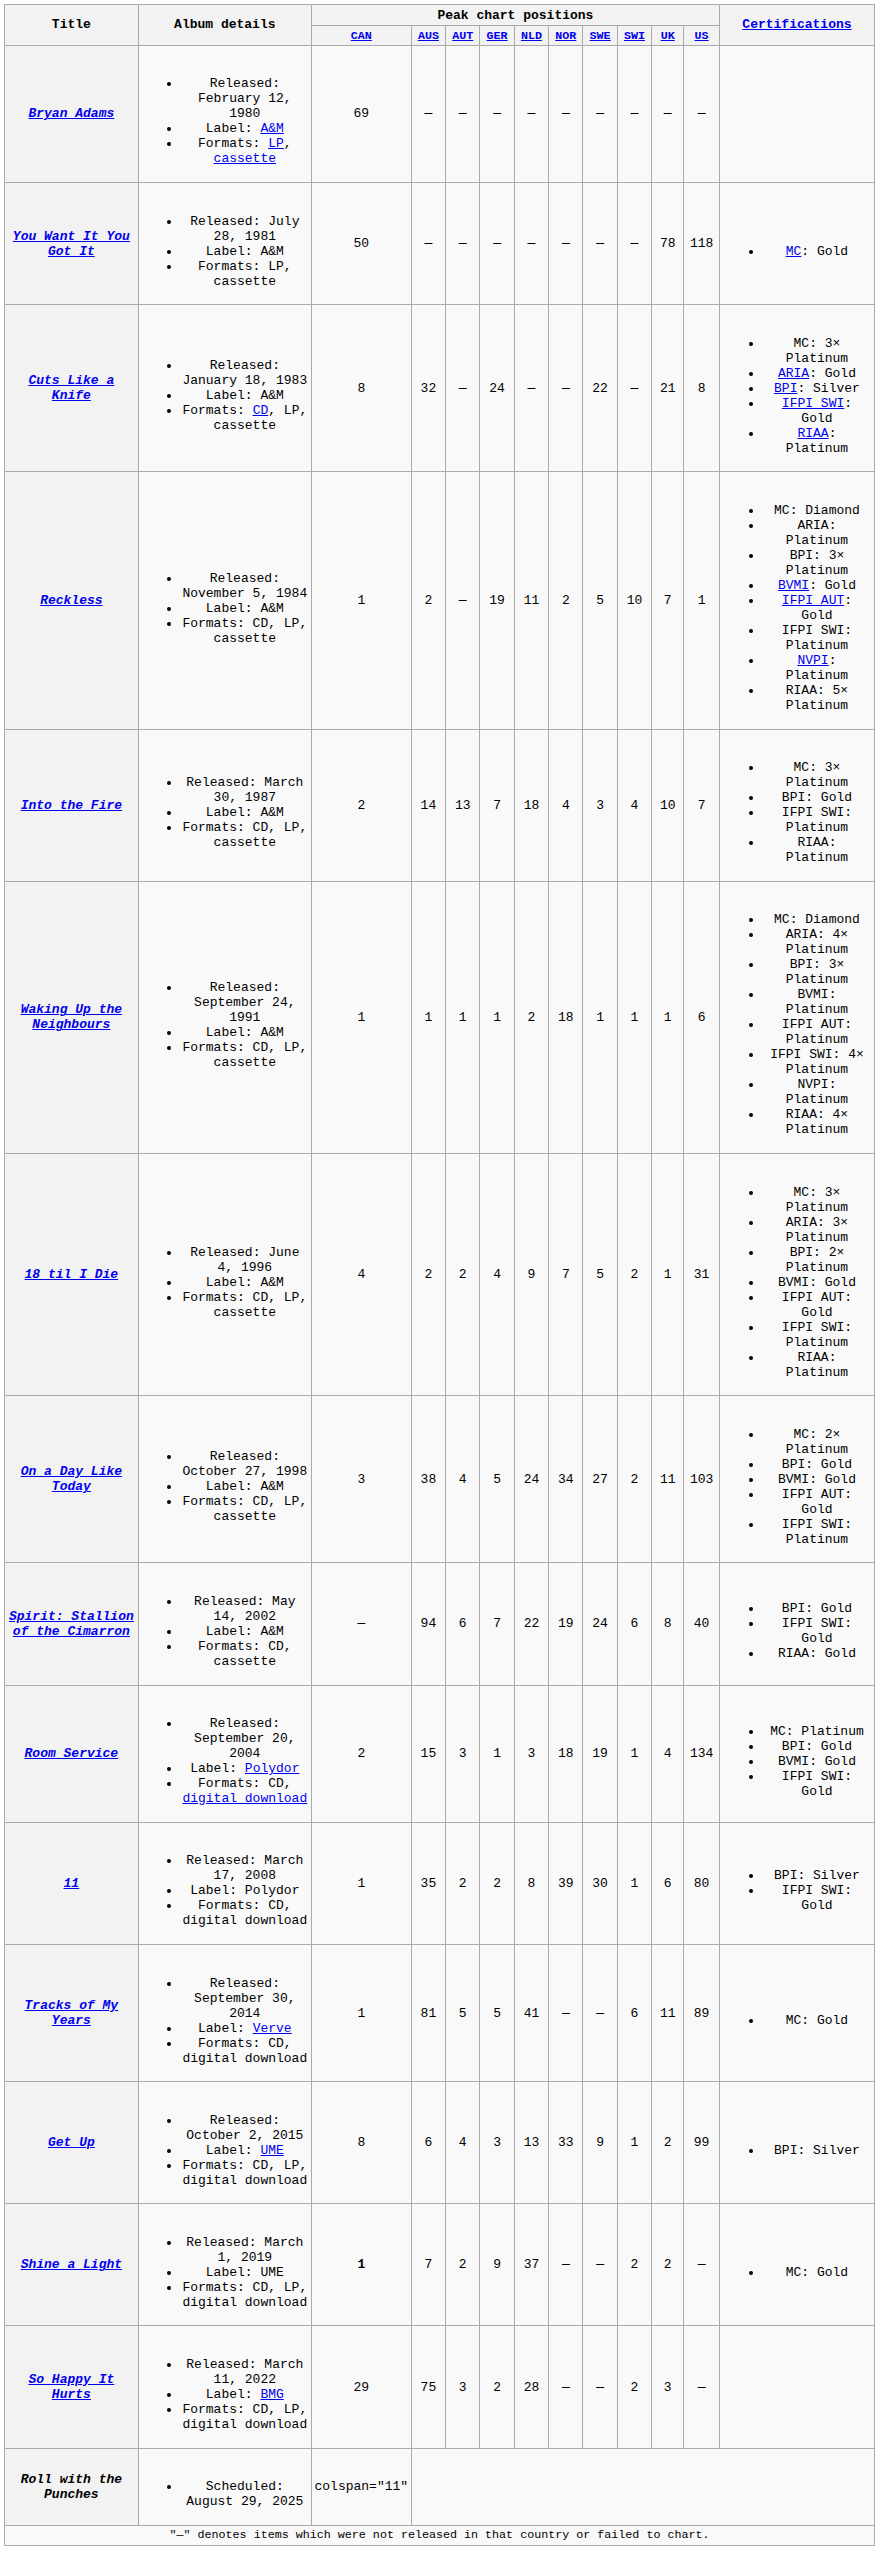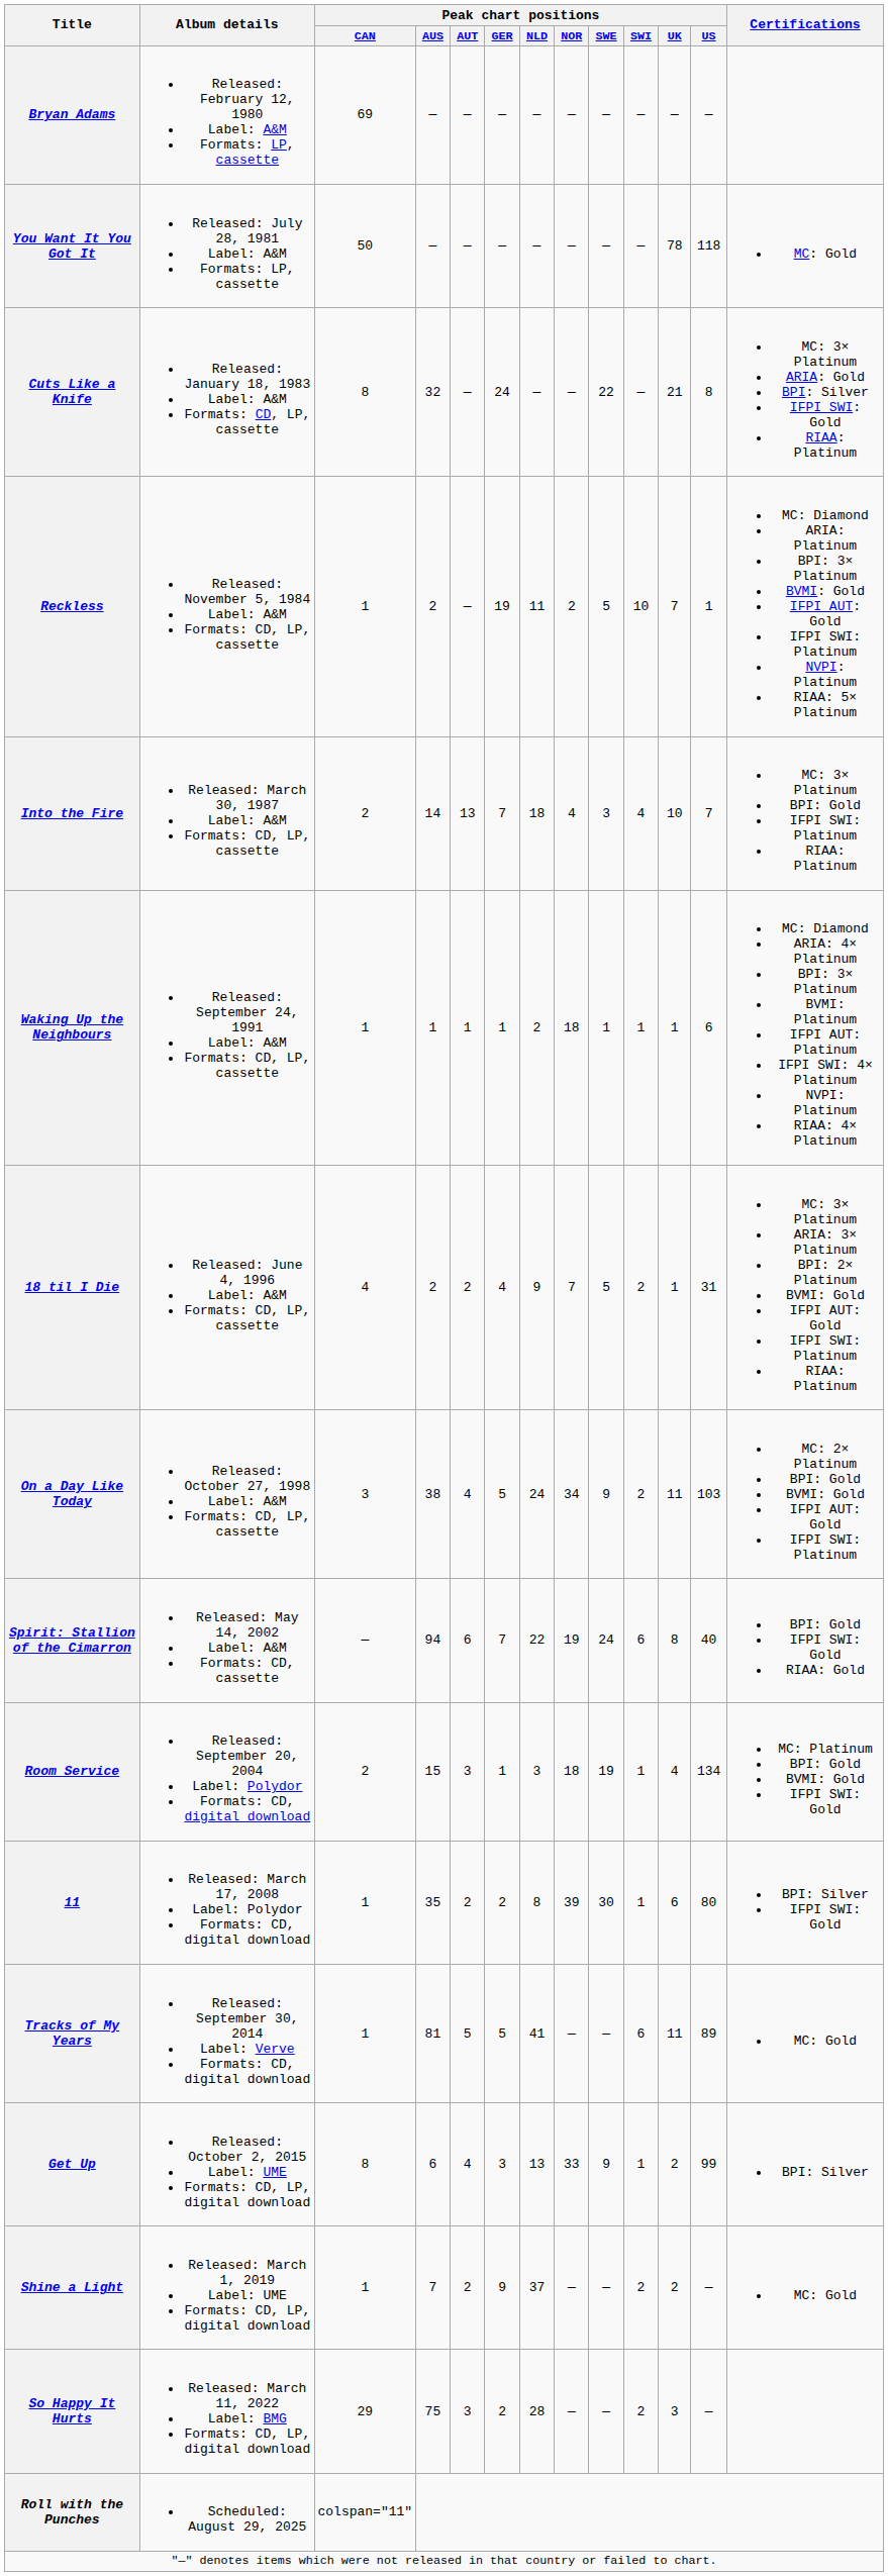 <table class="wikitable plainrowheaders" style="text-align:center;" border="1">
 <tr>
 <th scope="col" rowspan="2" style="width:13em;">Title</th>
 <th scope="col" rowspan="2" style="width:16em;">Album details</th>
 <th scope="col" colspan="10">Peak chart positions</th>
 <th scope="col" rowspan="2" style="width:14em;"><a href='#'>Certifications</a></th>
 </tr>
 <tr>
 <th scope="col" style="width:3em;font-size:90%;"><a href='#'>CAN</a><br></th>
 <th scope="col" style="width:3em;font-size:90%;"><a href='#'>AUS</a><br></th>
 <th scope="col" style="width:3em;font-size:90%;"><a href='#'>AUT</a><br></th>
 <th scope="col" style="width:3em;font-size:90%;"><a href='#'>GER</a><br></th>
 <th scope="col" style="width:3em;font-size:90%;"><a href='#'>NLD</a><br></th>
 <th scope="col" style="width:3em;font-size:90%;"><a href='#'>NOR</a><br></th>
 <th scope="col" style="width:3em;font-size:90%;"><a href='#'>SWE</a><br></th>
 <th scope="col" style="width:3em;font-size:90%;"><a href='#'>SWI</a><br></th>
 <th scope="col" style="width:3em;font-size:90%;"><a href='#'>UK</a><br></th>
 <th scope="col" style="width:3em;font-size:90%;"><a href='#'>US</a><br></th>
 </tr>
 <tr>
 <th scope="row"><em><a href='#'>Bryan Adams</a></em></th>
 <td><br><ul><li>Released: February 12, 1980</li><li>Label: <a href='#'>A&M</a></li><li>Formats: <a href='#'>LP</a>, <a href='#'>cassette</a></li></ul></td>
 <td>69</td>
 <td>—</td>
 <td>—</td>
 <td>—</td>
 <td>—</td>
 <td>—</td>
 <td>—</td>
 <td>—</td>
 <td>—</td>
 <td>—</td>
 <td></td>
 </tr>
 <tr>
 <th scope="row"><em><a href='#'>You Want It You Got It</a></em></th>
 <td><br><ul><li>Released: July 28, 1981</li><li>Label: A&M</li><li>Formats: LP, cassette</li></ul></td>
 <td>50</td>
 <td>—</td>
 <td>—</td>
 <td>—</td>
 <td>—</td>
 <td>—</td>
 <td>—</td>
 <td>—</td>
 <td>78</td>
 <td>118</td>
 <td><br><ul><li><a href='#'>MC</a>: Gold</li></ul></td>
 </tr>
 <tr>
 <th scope="row"><em><a href='#'>Cuts Like a Knife</a></em></th>
 <td><br><ul><li>Released: January 18, 1983</li><li>Label: A&M</li><li>Formats: <a href='#'>CD</a>, LP, cassette</li></ul></td>
 <td>8</td>
 <td>32</td>
 <td>—</td>
 <td>24</td>
 <td>—</td>
 <td>—</td>
 <td>22</td>
 <td>—</td>
 <td>21</td>
 <td>8</td>
 <td><br><ul><li>MC: 3× Platinum</li><li><a href='#'>ARIA</a>: Gold</li><li><a href='#'>BPI</a>: Silver</li><li><a href='#'>IFPI SWI</a>: Gold</li><li><a href='#'>RIAA</a>: Platinum</li></ul></td>
 </tr>
 <tr>
 <th scope="row"><em><a href='#'>Reckless</a></em></th>
 <td><br><ul><li>Released: November 5, 1984</li><li>Label: A&M</li><li>Formats: CD, LP, cassette</li></ul></td>
 <td>1</td>
 <td>2</td>
 <td>—</td>
 <td>19</td>
 <td>11</td>
 <td>2</td>
 <td>5</td>
 <td>10</td>
 <td>7</td>
 <td>1</td>
 <td><br><ul><li>MC: Diamond</li><li>ARIA: Platinum</li><li>BPI: 3× Platinum</li><li><a href='#'>BVMI</a>: Gold</li><li><a href='#'>IFPI AUT</a>: Gold</li><li>IFPI SWI: Platinum</li><li><a href='#'>NVPI</a>: Platinum</li><li>RIAA: 5× Platinum</li></ul></td>
 </tr>
 <tr>
 <th scope="row"><em><a href='#'>Into the Fire</a></em></th>
 <td><br><ul><li>Released: March 30, 1987</li><li>Label: A&M</li><li>Formats: CD, LP, cassette</li></ul></td>
 <td>2</td>
 <td>14</td>
 <td>13</td>
 <td>7</td>
 <td>18</td>
 <td>4</td>
 <td>3</td>
 <td>4</td>
 <td>10</td>
 <td>7</td>
 <td><br><ul><li>MC: 3× Platinum</li><li>BPI: Gold</li><li>IFPI SWI: Platinum</li><li>RIAA: Platinum</li></ul></td>
 </tr>
 <tr>
 <th scope="row"><em><a href='#'>Waking Up the Neighbours</a></em></th>
 <td><br><ul><li>Released: September 24, 1991</li><li>Label: A&M</li><li>Formats: CD, LP, cassette</li></ul></td>
 <td>1</td>
 <td>1</td>
 <td>1</td>
 <td>1</td>
 <td>2</td>
 <td>18</td>
 <td>1</td>
 <td>1</td>
 <td>1</td>
 <td>6</td>
 <td><br><ul><li>MC: Diamond</li><li>ARIA: 4× Platinum</li><li>BPI: 3× Platinum</li><li>BVMI: Platinum</li><li>IFPI AUT: Platinum</li><li>IFPI SWI: 4× Platinum</li><li>NVPI: Platinum</li><li>RIAA: 4× Platinum</li></ul></td>
 </tr>
 <tr>
 <th scope="row"><em><a href='#'>18 til I Die</a></em></th>
 <td><br><ul><li>Released: June 4, 1996</li><li>Label: A&M</li><li>Formats: CD, LP, cassette</li></ul></td>
 <td>4</td>
 <td>2</td>
 <td>2</td>
 <td>4</td>
 <td>9</td>
 <td>7</td>
 <td>5</td>
 <td>2</td>
 <td>1</td>
 <td>31</td>
 <td><br><ul><li>MC: 3× Platinum</li><li>ARIA: 3× Platinum</li><li>BPI: 2× Platinum</li><li>BVMI: Gold</li><li>IFPI AUT: Gold</li><li>IFPI SWI: Platinum</li><li>RIAA: Platinum</li></ul></td>
 </tr>
 <tr>
 <th scope="row"><em><a href='#'>On a Day Like Today</a></em></th>
 <td><br><ul><li>Released: October 27, 1998</li><li>Label: A&M</li><li>Formats: CD, LP, cassette</li></ul></td>
 <td>3</td>
 <td>38</td>
 <td>4</td>
 <td>5</td>
 <td>24</td>
 <td>34</td>
-<td>27</td>
+<td>9</td>
 <td>2</td>
 <td>11</td>
 <td>103</td>
 <td><br><ul><li>MC: 2× Platinum</li><li>BPI: Gold</li><li>BVMI: Gold</li><li>IFPI AUT: Gold</li><li>IFPI SWI: Platinum</li></ul></td>
 </tr>
 <tr>
 <th scope="row"><em><a href='#'>Spirit: Stallion of the Cimarron</a></em><br></th>
 <td><br><ul><li>Released: May 14, 2002</li><li>Label: A&M</li><li>Formats: CD, cassette</li></ul></td>
 <td>—</td>
 <td>94</td>
 <td>6</td>
 <td>7</td>
 <td>22</td>
 <td>19</td>
 <td>24</td>
 <td>6</td>
 <td>8</td>
 <td>40</td>
 <td><br><ul><li>BPI: Gold</li><li>IFPI SWI: Gold</li><li>RIAA: Gold</li></ul></td>
 </tr>
 <tr>
 <th scope="row"><em><a href='#'>Room Service</a></em></th>
 <td><br><ul><li>Released: September 20, 2004</li><li>Label: <a href='#'>Polydor</a></li><li>Formats: CD, <a href='#'>digital download</a></li></ul></td>
 <td>2</td>
 <td>15</td>
 <td>3</td>
 <td>1</td>
 <td>3</td>
 <td>18</td>
 <td>19</td>
 <td>1</td>
 <td>4</td>
 <td>134</td>
 <td><br><ul><li>MC: Platinum</li><li>BPI: Gold</li><li>BVMI: Gold</li><li>IFPI SWI: Gold</li></ul></td>
 </tr>
 <tr>
 <th scope="row"><em><a href='#'>11</a></em></th>
 <td><br><ul><li>Released: March 17, 2008</li><li>Label: Polydor</li><li>Formats: CD, digital download</li></ul></td>
 <td>1</td>
 <td>35</td>
 <td>2</td>
 <td>2</td>
 <td>8</td>
 <td>39</td>
 <td>30</td>
 <td>1</td>
 <td>6</td>
 <td>80</td>
 <td><br><ul><li>BPI: Silver</li><li>IFPI SWI: Gold</li></ul></td>
 </tr>
 <tr>
 <th scope="row"><em><a href='#'>Tracks of My Years</a></em></th>
 <td><br><ul><li>Released: September 30, 2014</li><li>Label: <a href='#'>Verve</a></li><li>Formats: CD, digital download</li></ul></td>
 <td>1</td>
 <td>81</td>
 <td>5</td>
 <td>5</td>
 <td>41</td>
 <td>—</td>
 <td>—</td>
 <td>6</td>
 <td>11</td>
 <td>89</td>
 <td><br><ul><li>MC: Gold</li></ul></td>
 </tr>
 <tr>
 <th scope="row"><em><a href='#'>Get Up</a></em></th>
 <td><br><ul><li>Released: October 2, 2015</li><li>Label: <a href='#'>UME</a></li><li>Formats: CD, LP, digital download</li></ul></td>
 <td>8</td>
 <td>6</td>
 <td>4</td>
 <td>3</td>
 <td>13</td>
 <td>33</td>
 <td>9</td>
 <td>1</td>
 <td>2</td>
 <td>99</td>
 <td><br><ul><li>BPI: Silver</li></ul></td>
 </tr>
 <tr>
 <th scope="row"><em><a href='#'>Shine a Light</a></em></th>
 <td><br><ul><li>Released: March 1, 2019</li><li>Label: UME</li><li>Formats: CD, LP, digital download</li></ul></td>
-<td><strong>1</strong></td>
+<td>1</td>
 <td>7</td>
 <td>2</td>
 <td>9</td>
 <td>37</td>
 <td>—</td>
 <td>—</td>
 <td>2</td>
 <td>2</td>
 <td>—</td>
 <td><br><ul><li>MC: Gold</li></ul></td>
 </tr>
 <tr>
 <th scope="row"><em><a href='#'>So Happy It Hurts</a></em></th>
 <td><br><ul><li>Released: March 11, 2022</li><li>Label: <a href='#'>BMG</a></li><li>Formats: CD, LP, digital download</li></ul></td>
 <td>29</td>
 <td>75</td>
 <td>3</td>
 <td>2</td>
 <td>28</td>
 <td>—</td>
 <td>—</td>
 <td>2</td>
 <td>3</td>
 <td>—</td>
 <td></td>
 </tr>
 <tr>
 <th scope="row"><em>Roll with the Punches</em></th>
 <td><br><ul><li>Scheduled: August 29, 2025</li></ul></td>
 <td>colspan="11" </td>
 </tr>
 <tr>
 <td colspan="14" style="font-size:90%">"—" denotes items which were not released in that country or failed to chart.</td>
 </tr>
 </table>
